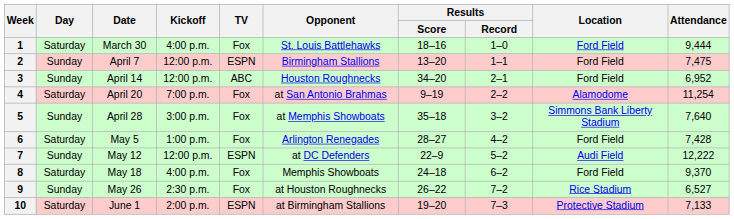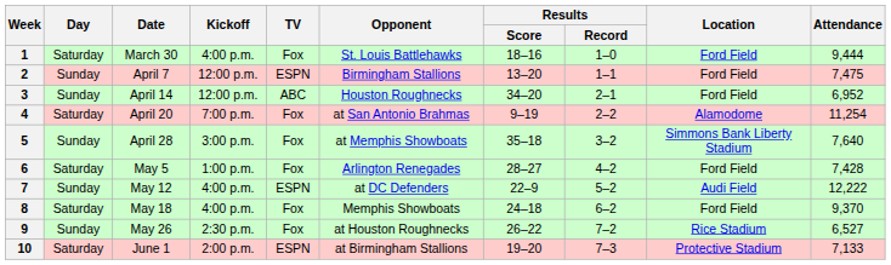 <table class="wikitable plainrowheaders" style="text-align:center;">
 <tr>
 <th rowspan="2" width="40">Week</th>
 <th rowspan="2" width="80">Day</th>
 <th rowspan="2" width="90">Date</th>
 <th rowspan="2" width="90">Kickoff</th>
 <th rowspan="2" width="60">TV</th>
 <th rowspan="2" width="200">Opponent</th>
 <th colspan="2" width="200">Results</th>
 <th rowspan="2" width="200">Location</th>
 <th rowspan="2">Attendance</th>
 </tr>
 <tr>
 <th width="60">Score</th>
 <th width="60">Record</th>
 </tr>
 <tr style="background:#ccffcc">
 <th>1</th>
 <td>Saturday</td>
 <td>March 30</td>
 <td>4:00 p.m.</td>
 <td>Fox</td>
 <td><a href='#'>St. Louis Battlehawks</a></td>
 <td>18–16</td>
 <td>1–0</td>
 <td><a href='#'>Ford Field</a></td>
 <td>9,444</td>
 </tr>
 <tr style="background:#ffcccc">
 <th>2</th>
 <td>Sunday</td>
 <td>April 7</td>
 <td>12:00 p.m.</td>
 <td>ESPN</td>
 <td><a href='#'>Birmingham Stallions</a></td>
 <td>13–20</td>
 <td>1–1</td>
 <td>Ford Field</td>
 <td>7,475</td>
 </tr>
 <tr style="background:#ccffcc">
 <th>3</th>
 <td>Sunday</td>
 <td>April 14</td>
 <td>12:00 p.m.</td>
 <td>ABC</td>
 <td><a href='#'>Houston Roughnecks</a></td>
 <td>34–20</td>
 <td>2–1</td>
 <td>Ford Field</td>
 <td>6,952</td>
 </tr>
 <tr style="background:#ffcccc">
 <th>4</th>
 <td>Saturday</td>
 <td>April 20</td>
 <td>7:00 p.m.</td>
 <td>Fox</td>
 <td>at <a href='#'>San Antonio Brahmas</a></td>
 <td>9–19</td>
 <td>2–2</td>
 <td><a href='#'>Alamodome</a></td>
 <td>11,254</td>
 </tr>
 <tr style="background:#ccffcc">
 <th>5</th>
 <td>Sunday</td>
 <td>April 28</td>
 <td>3:00 p.m.</td>
 <td>Fox</td>
 <td>at <a href='#'>Memphis Showboats</a></td>
 <td>35–18</td>
 <td>3–2</td>
 <td><a href='#'>Simmons Bank Liberty Stadium</a></td>
 <td>7,640</td>
 </tr>
 <tr style="background:#ccffcc">
 <th>6</th>
 <td>Saturday</td>
 <td>May 5</td>
 <td>1:00 p.m.</td>
 <td>Fox</td>
 <td><a href='#'>Arlington Renegades</a></td>
 <td>28–27</td>
 <td>4–2</td>
 <td>Ford Field</td>
 <td>7,428</td>
 </tr>
 <tr style="background:#ccffcc">
 <th>7</th>
 <td>Sunday</td>
 <td>May 12</td>
-<td>12:00 p.m.</td>
+<td>4:00 p.m.</td>
 <td>ESPN</td>
 <td>at <a href='#'>DC Defenders</a></td>
 <td>22–9</td>
 <td>5–2</td>
 <td><a href='#'>Audi Field</a></td>
 <td>12,222</td>
 </tr>
 <tr style="background:#ccffcc">
 <th>8</th>
 <td>Saturday</td>
 <td>May 18</td>
 <td>4:00 p.m.</td>
 <td>Fox</td>
 <td>Memphis Showboats</td>
 <td>24–18</td>
 <td>6–2</td>
 <td>Ford Field</td>
 <td>9,370</td>
 </tr>
 <tr style="background:#ccffcc">
 <th>9</th>
 <td>Sunday</td>
 <td>May 26</td>
 <td>2:30 p.m.</td>
 <td>Fox</td>
 <td>at Houston Roughnecks</td>
 <td>26–22</td>
 <td>7–2</td>
 <td><a href='#'>Rice Stadium</a></td>
 <td>6,527</td>
 </tr>
 <tr style="background:#ffcccc">
 <th>10</th>
 <td>Saturday</td>
 <td>June 1</td>
 <td>2:00 p.m.</td>
 <td>ESPN</td>
 <td>at Birmingham Stallions</td>
 <td>19–20</td>
 <td>7–3</td>
 <td><a href='#'>Protective Stadium</a></td>
 <td>7,133</td>
 </tr>
 </table>
